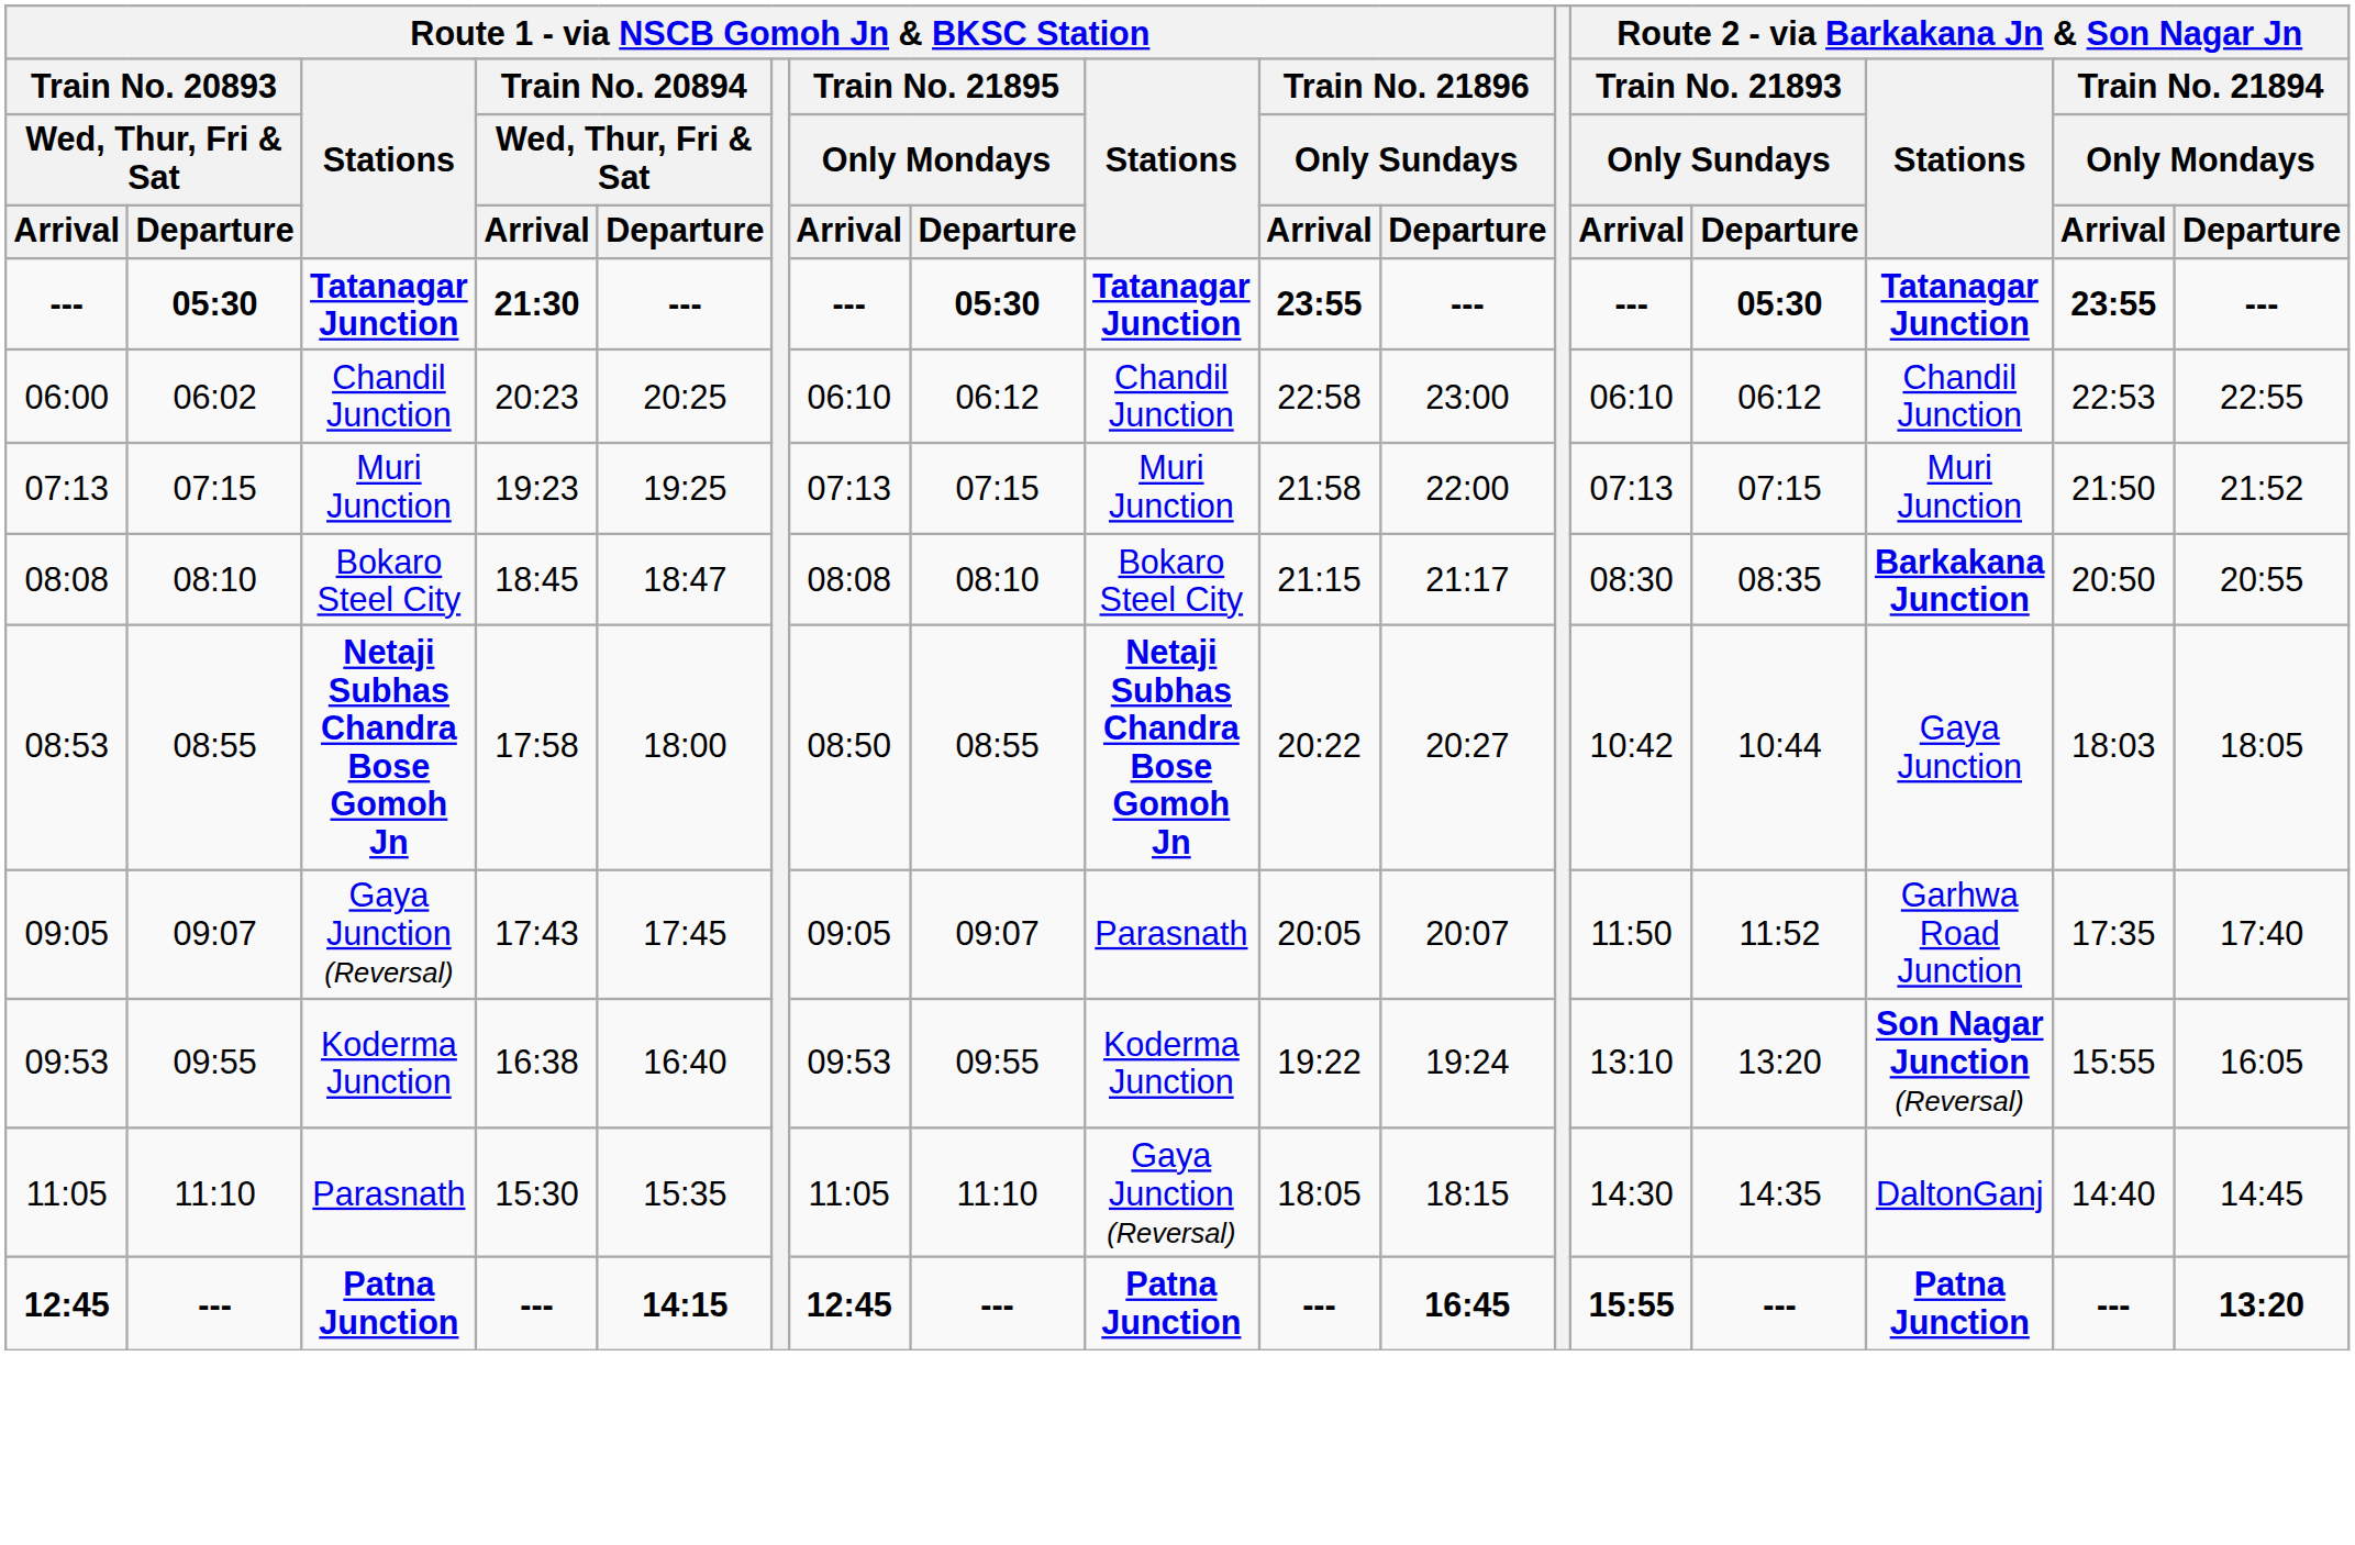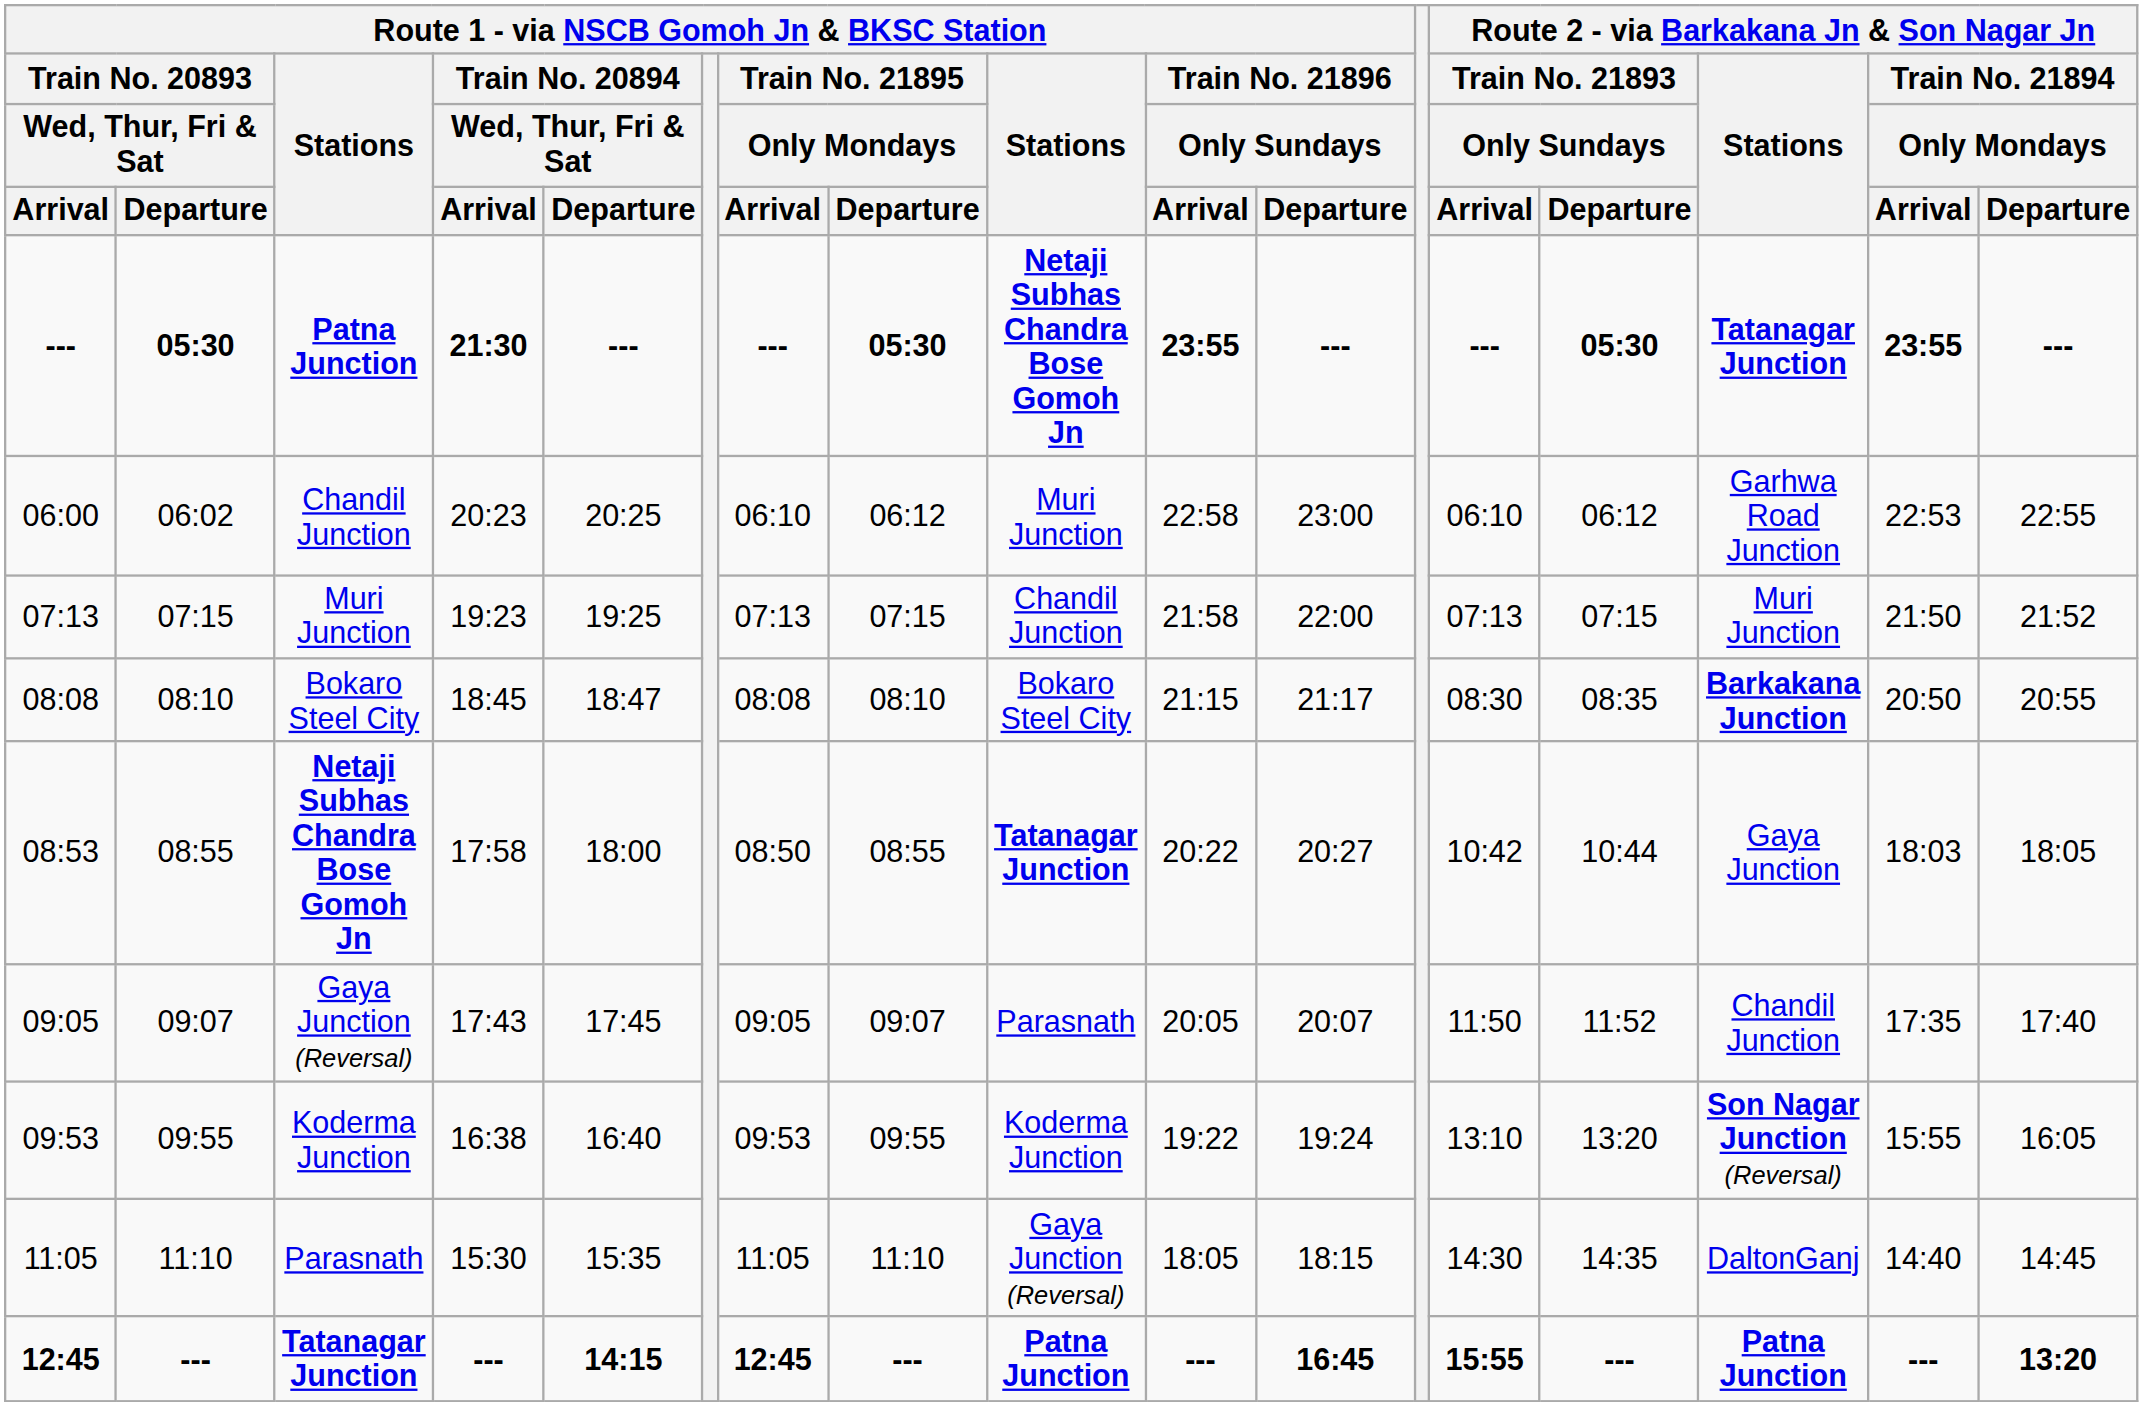 <table class="wikitable" width="65%" style="text-align: center; font-size: 83%;">
 <tr>
 <th colspan="11">Route 1 - via <strong><a href='#'>NSCB Gomoh Jn</a></strong> & <strong><a href='#'>BKSC Station</a></strong></th>
 <th rowspan="13"></th>
 <th colspan="5">Route 2 - via <a href='#'>Barkakana Jn</a> & <a href='#'>Son Nagar Jn</a></th>
 </tr>
 <tr>
 <th colspan="2">Train No. 20893</th>
 <th rowspan="3">Stations </th>
 <th colspan="2">Train No. 20894</th>
 <th rowspan="12"></th>
 <th colspan="2">Train No. 21895</th>
 <th rowspan="3">Stations </th>
 <th colspan="2">Train No. 21896</th>
 <th colspan="2">Train No. 21893</th>
 <th rowspan="3">Stations </th>
 <th colspan="2">Train No. 21894</th>
 </tr>
 <tr>
 <th colspan="2">Wed, Thur, Fri & Sat</th>
 <th colspan="2">Wed, Thur, Fri & Sat</th>
 <th colspan="2">Only Mondays</th>
 <th colspan="2">Only Sundays</th>
 <th colspan="2">Only Sundays</th>
 <th colspan="2">Only Mondays</th>
 </tr>
 <tr>
 <th><strong>Arrival</strong></th>
 <th><strong>Departure</strong></th>
 <th><strong>Arrival</strong></th>
 <th><strong>Departure</strong></th>
 <th><strong>Arrival</strong></th>
 <th><strong>Departure</strong></th>
 <th><strong>Arrival</strong></th>
 <th><strong>Departure</strong></th>
 <th><strong>Arrival</strong></th>
 <th><strong>Departure</strong></th>
 <th><strong>Arrival</strong></th>
 <th><strong>Departure</strong></th>
 </tr>
 <tr>
 <td><strong>---</strong></td>
 <td><strong>05:30</strong></td>
-<td><a href='#'><strong>Tatanagar Junction</strong></a></td>
+<td><a href='#'><strong>Patna Junction</strong></a></td>
 <td><strong>21:30</strong></td>
 <td><strong>---</strong></td>
 <td><strong>---</strong></td>
 <td><strong>05:30</strong></td>
-<td><a href='#'><strong>Tatanagar Junction</strong></a></td>
+<td><a href='#'><strong>Netaji Subhas Chandra Bose Gomoh Jn</strong></a></td>
 <td><strong>23:55</strong></td>
 <td><strong>---</strong></td>
 <td><strong>---</strong></td>
 <td><strong>05:30</strong></td>
 <td><a href='#'><strong>Tatanagar Junction</strong></a></td>
 <td><strong>23:55</strong></td>
 <td><strong>---</strong></td>
 </tr>
 <tr>
 <td>06:00</td>
 <td>06:02</td>
 <td><a href='#'>Chandil Junction</a></td>
 <td>20:23</td>
 <td>20:25</td>
 <td>06:10</td>
 <td>06:12</td>
-<td><a href='#'>Chandil Junction</a></td>
+<td><a href='#'>Muri Junction</a></td>
 <td>22:58</td>
 <td>23:00</td>
 <td>06:10</td>
 <td>06:12</td>
-<td><a href='#'>Chandil Junction</a></td>
+<td><a href='#'>Garhwa Road Junction</a></td>
 <td>22:53</td>
 <td>22:55</td>
 </tr>
 <tr>
 <td>07:13</td>
 <td>07:15</td>
 <td><a href='#'>Muri Junction</a></td>
 <td>19:23</td>
 <td>19:25</td>
 <td>07:13</td>
 <td>07:15</td>
-<td><a href='#'>Muri Junction</a></td>
+<td><a href='#'>Chandil Junction</a></td>
 <td>21:58</td>
 <td>22:00</td>
 <td>07:13</td>
 <td>07:15</td>
 <td><a href='#'>Muri Junction</a></td>
 <td>21:50</td>
 <td>21:52</td>
 </tr>
 <tr>
 <td>08:08</td>
 <td>08:10</td>
 <td><a href='#'>Bokaro Steel City</a></td>
 <td>18:45</td>
 <td>18:47</td>
 <td>08:08</td>
 <td>08:10</td>
 <td><a href='#'>Bokaro Steel City</a></td>
 <td>21:15</td>
 <td>21:17</td>
 <td>08:30</td>
 <td>08:35</td>
 <td><a href='#'><strong>Barkakana Junction</strong></a></td>
 <td>20:50</td>
 <td>20:55</td>
 </tr>
 <tr>
 <td>08:53</td>
 <td>08:55</td>
 <td><a href='#'><strong>Netaji Subhas Chandra Bose Gomoh Jn</strong></a></td>
 <td>17:58</td>
 <td>18:00</td>
 <td>08:50</td>
 <td>08:55</td>
-<td><a href='#'><strong>Netaji Subhas Chandra Bose Gomoh Jn</strong></a></td>
+<td><a href='#'><strong>Tatanagar Junction</strong></a></td>
 <td>20:22</td>
 <td>20:27</td>
 <td>10:42</td>
 <td>10:44</td>
 <td><a href='#'>Gaya Junction</a></td>
 <td>18:03</td>
 <td>18:05</td>
 </tr>
 <tr>
 <td>09:05</td>
 <td>09:07</td>
 <td><a href='#'>Gaya Junction</a><br><em><small>(Reversal)</small></em></td>
 <td>17:43</td>
 <td>17:45</td>
 <td>09:05</td>
 <td>09:07</td>
 <td><a href='#'>Parasnath</a></td>
 <td>20:05</td>
 <td>20:07</td>
 <td>11:50</td>
 <td>11:52</td>
-<td><a href='#'>Garhwa Road Junction</a></td>
+<td><a href='#'>Chandil Junction</a></td>
 <td>17:35</td>
 <td>17:40</td>
 </tr>
 <tr>
 <td>09:53</td>
 <td>09:55</td>
 <td><a href='#'>Koderma Junction</a></td>
 <td>16:38</td>
 <td>16:40</td>
 <td>09:53</td>
 <td>09:55</td>
 <td><a href='#'>Koderma Junction</a></td>
 <td>19:22</td>
 <td>19:24</td>
 <td>13:10</td>
 <td>13:20</td>
 <td><strong><a href='#'>Son Nagar Junction</a></strong><br><em><small>(Reversal)</small></em></td>
 <td>15:55</td>
 <td>16:05</td>
 </tr>
 <tr>
 <td>11:05</td>
 <td>11:10</td>
 <td><a href='#'>Parasnath</a></td>
 <td>15:30</td>
 <td>15:35</td>
 <td>11:05</td>
 <td>11:10</td>
 <td><a href='#'>Gaya Junction</a><br><em><small>(Reversal)</small></em></td>
 <td>18:05</td>
 <td>18:15</td>
 <td>14:30</td>
 <td>14:35</td>
 <td><a href='#'>DaltonGanj</a></td>
 <td>14:40</td>
 <td>14:45</td>
 </tr>
 <tr>
 <td><strong>12:45</strong></td>
 <td><strong>---</strong></td>
-<td><a href='#'><strong>Patna Junction</strong></a></td>
+<td><a href='#'><strong>Tatanagar Junction</strong></a></td>
 <td><strong>---</strong></td>
 <td><strong>14:15</strong></td>
 <td><strong>12:45</strong></td>
 <td><strong>---</strong></td>
 <td><a href='#'><strong>Patna Junction</strong></a></td>
 <td><strong>---</strong></td>
 <td><strong>16:45</strong></td>
 <td><strong>15:55</strong></td>
 <td><strong>---</strong></td>
 <td><a href='#'><strong>Patna Junction</strong></a></td>
 <td><strong>---</strong></td>
 <td><strong>13:20</strong></td>
 </tr>
 </table>
